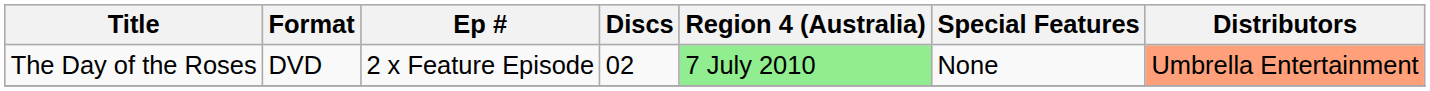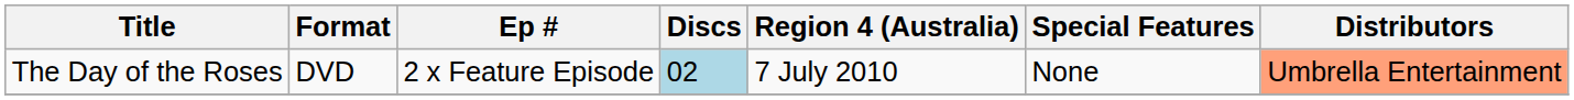 <table class="wikitable">
 <tr>
 <th>Title</th>
 <th>Format</th>
 <th>Ep #</th>
 <th>Discs</th>
 <th>Region 4 (Australia)</th>
 <th>Special Features</th>
 <th>Distributors</th>
 </tr>
 <tr>
 <td>The Day of the Roses</td>
 <td>DVD</td>
 <td style="text-align:center;">2 x Feature Episode</td>
-<td>02</td>
-<td style="background: lightgreen;">7 July 2010</td>
+<td style="background: lightblue;">02</td>
+<td>7 July 2010</td>
 <td>None</td>
 <td style="background: lightsalmon;">Umbrella Entertainment</td>
 </tr>
 <tr>
 </tr>
 </table>
